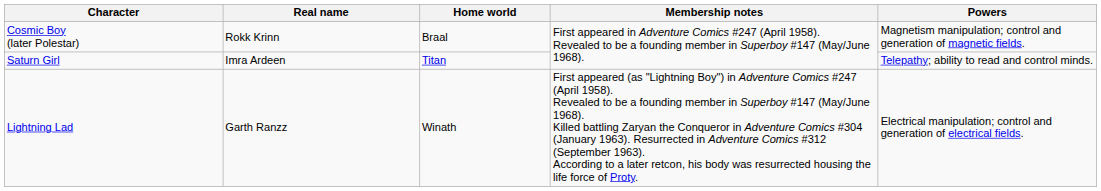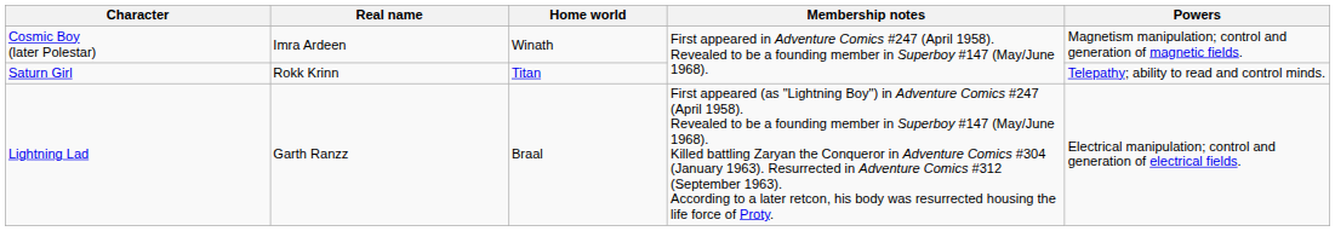 <table class="wikitable" width=100%>
 <tr>
 <th width=20%>Character</th>
 <th width=18%>Real name</th>
 <th width=12%>Home world</th>
 <th width=30%>Membership notes</th>
 <th width=20%>Powers</th>
 </tr>
 <tr>
 <td><a href='#'>Cosmic Boy</a><br>(later Polestar)</td>
-<td>Rokk Krinn</td>
-<td>Braal</td>
+<td>Imra Ardeen</td>
+<td>Winath</td>
 <td rowspan=2>First appeared in <em>Adventure Comics</em> #247 (April 1958).<br>Revealed to be a founding member in <em>Superboy</em> #147 (May/June 1968).</td>
 <td>Magnetism manipulation; control and generation of <a href='#'>magnetic fields</a>.</td>
 </tr>
 <tr>
 <td><a href='#'>Saturn Girl</a></td>
-<td>Imra Ardeen</td>
+<td>Rokk Krinn</td>
 <td><a href='#'>Titan</a></td>
 <td><a href='#'>Telepathy</a>; ability to read and control minds.</td>
 </tr>
 <tr>
 <td><a href='#'>Lightning Lad</a></td>
 <td>Garth Ranzz</td>
-<td>Winath</td>
+<td>Braal</td>
 <td>First appeared (as "Lightning Boy") in <em>Adventure Comics</em> #247 (April 1958).<br>Revealed to be a founding member in <em>Superboy</em> #147 (May/June 1968).<br>Killed battling Zaryan the Conqueror in <em>Adventure Comics</em> #304 (January 1963). Resurrected in <em>Adventure Comics</em> #312 (September 1963).<br>According to a later retcon, his body was resurrected housing the life force of <a href='#'>Proty</a>.</td>
 <td>Electrical manipulation; control and generation of <a href='#'>electrical fields</a>.</td>
 </tr>
 </table>
